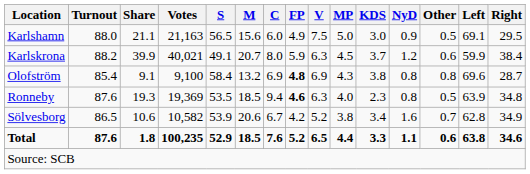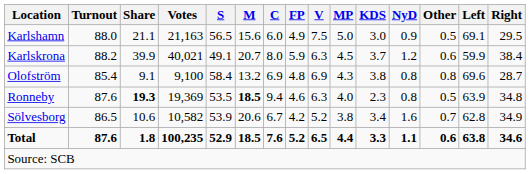 <table class="wikitable sortable" style=text-align:right>
 <tr>
 <th>Location</th>
 <th>Turnout</th>
 <th>Share</th>
 <th>Votes</th>
 <th><a href='#'>S</a></th>
 <th><a href='#'>M</a></th>
 <th><a href='#'>C</a></th>
 <th><a href='#'>FP</a></th>
 <th><a href='#'>V</a></th>
 <th><a href='#'>MP</a></th>
 <th><a href='#'>KDS</a></th>
 <th><a href='#'>NyD</a></th>
 <th>Other</th>
 <th>Left</th>
 <th>Right</th>
 </tr>
 <tr>
 <td align=left><a href='#'>Karlshamn</a></td>
 <td>88.0</td>
 <td>21.1</td>
 <td>21,163</td>
 <td>56.5</td>
 <td>15.6</td>
 <td>6.0</td>
 <td>4.9</td>
 <td>7.5</td>
 <td>5.0</td>
 <td>3.0</td>
 <td>0.9</td>
 <td>0.5</td>
 <td>69.1</td>
 <td>29.5</td>
 </tr>
 <tr>
 <td align=left><a href='#'>Karlskrona</a></td>
 <td>88.2</td>
 <td>39.9</td>
 <td>40,021</td>
 <td>49.1</td>
 <td>20.7</td>
 <td>8.0</td>
 <td>5.9</td>
 <td>6.3</td>
 <td>4.5</td>
 <td>3.7</td>
 <td>1.2</td>
 <td>0.6</td>
 <td>59.9</td>
 <td>38.4</td>
 </tr>
 <tr>
 <td align=left><a href='#'>Olofström</a></td>
 <td>85.4</td>
 <td>9.1</td>
 <td>9,100</td>
 <td>58.4</td>
 <td>13.2</td>
 <td>6.9</td>
-<td><strong>4.8</strong></td>
+<td>4.8</td>
 <td>6.9</td>
 <td>4.3</td>
 <td>3.8</td>
 <td>0.8</td>
 <td>0.8</td>
 <td>69.6</td>
 <td>28.7</td>
 </tr>
 <tr>
 <td align=left><a href='#'>Ronneby</a></td>
 <td>87.6</td>
-<td>19.3</td>
+<td><strong>19.3</strong></td>
 <td>19,369</td>
 <td>53.5</td>
-<td>18.5</td>
+<td><strong>18.5</strong></td>
 <td>9.4</td>
-<td><strong>4.6</strong></td>
+<td>4.6</td>
 <td>6.3</td>
 <td>4.0</td>
 <td>2.3</td>
 <td>0.8</td>
 <td>0.5</td>
 <td>63.9</td>
 <td>34.8</td>
 </tr>
 <tr>
 <td align=left><a href='#'>Sölvesborg</a></td>
 <td>86.5</td>
 <td>10.6</td>
 <td>10,582</td>
 <td>53.9</td>
 <td>20.6</td>
 <td>6.7</td>
 <td>4.2</td>
 <td>5.2</td>
 <td>3.8</td>
 <td>3.4</td>
 <td>1.6</td>
 <td>0.7</td>
 <td>62.8</td>
 <td>34.9</td>
 </tr>
 <tr>
 <td align=left><strong>Total</strong></td>
 <td><strong>87.6</strong></td>
 <td><strong>1.8</strong></td>
 <td><strong>100,235</strong></td>
 <td><strong>52.9</strong></td>
 <td><strong>18.5</strong></td>
 <td><strong>7.6</strong></td>
 <td><strong>5.2</strong></td>
 <td><strong>6.5</strong></td>
 <td><strong>4.4</strong></td>
 <td><strong>3.3</strong></td>
 <td><strong>1.1</strong></td>
 <td><strong>0.6</strong></td>
 <td><strong>63.8</strong></td>
 <td><strong>34.6</strong></td>
 </tr>
 <tr>
 <td align=left colspan=15>Source: SCB </td>
 </tr>
 </table>
